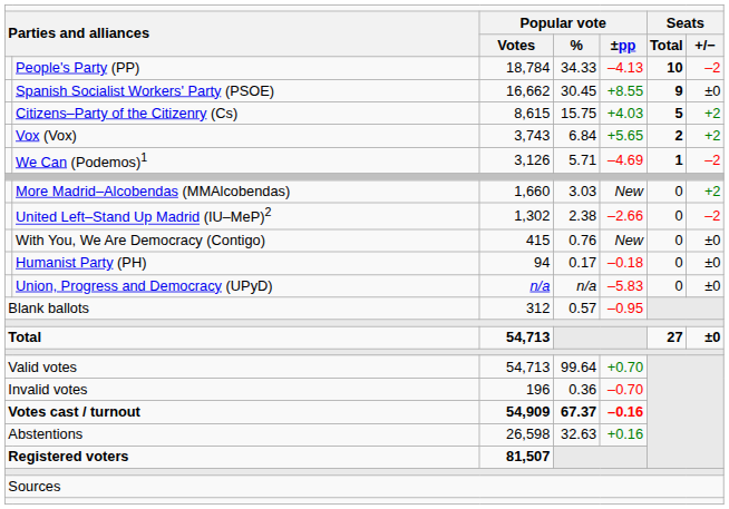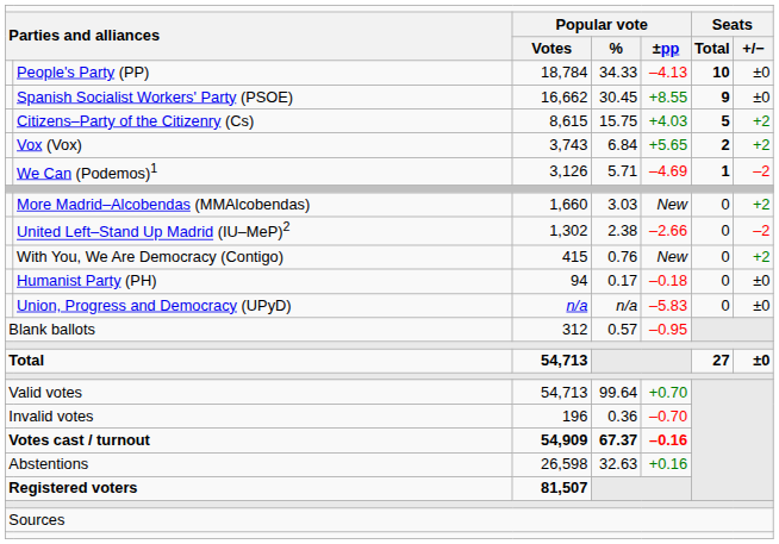 <table class="wikitable" style="text-align:right;">
 <tr>
 <td colspan="7"></td>
 </tr>
 <tr>
 <th style="text-align:left;" rowspan="2" colspan="2" width="525">Parties and alliances</th>
 <th colspan="3">Popular vote</th>
 <th colspan="2">Seats</th>
 </tr>
 <tr>
 <th width="75">Votes</th>
 <th width="45">%</th>
 <th width="45">±<a href='#'>pp</a></th>
 <th width="35">Total</th>
 <th width="35">+/−</th>
 </tr>
 <tr>
 <td width="1" style="color:inherit;background:"></td>
 <td align="left"><a href='#'>People's Party</a> (PP)</td>
 <td>18,784</td>
 <td>34.33</td>
 <td style="color:red;">–4.13</td>
 <td><strong>10</strong></td>
-<td style="color:red;">–2</td>
+<td>±0</td>
 </tr>
 <tr>
 <td style="color:inherit;background:"></td>
 <td align="left"><a href='#'>Spanish Socialist Workers' Party</a> (PSOE)</td>
 <td>16,662</td>
 <td>30.45</td>
 <td style="color:green;">+8.55</td>
 <td><strong>9</strong></td>
 <td>±0</td>
 </tr>
 <tr>
 <td style="color:inherit;background:"></td>
 <td align="left"><a href='#'>Citizens–Party of the Citizenry</a> (Cs)</td>
 <td>8,615</td>
 <td>15.75</td>
 <td style="color:green;">+4.03</td>
 <td><strong>5</strong></td>
 <td style="color:green;">+2</td>
 </tr>
 <tr>
 <td style="color:inherit;background:"></td>
 <td align="left"><a href='#'>Vox</a> (Vox)</td>
 <td>3,743</td>
 <td>6.84</td>
 <td style="color:green;">+5.65</td>
 <td><strong>2</strong></td>
 <td style="color:green;">+2</td>
 </tr>
 <tr>
 <td style="color:inherit;background:"></td>
 <td align="left"><a href='#'>We Can</a> (Podemos)<sup>1</sup></td>
 <td>3,126</td>
 <td>5.71</td>
 <td style="color:red;">–4.69</td>
 <td><strong>1</strong></td>
 <td style="color:red;">–2</td>
 </tr>
 <tr>
 <td colspan="7" bgcolor="#C0C0C0"></td>
 </tr>
 <tr>
 <td style="color:inherit;background:"></td>
 <td align="left"><a href='#'>More Madrid–Alcobendas</a> (MMAlcobendas)</td>
 <td>1,660</td>
 <td>3.03</td>
 <td><em>New</em></td>
 <td>0</td>
 <td style="color:green;">+2</td>
 </tr>
 <tr>
 <td style="color:inherit;background:"></td>
 <td align="left"><a href='#'>United Left–Stand Up Madrid</a> (IU–MeP)<sup>2</sup></td>
 <td>1,302</td>
 <td>2.38</td>
 <td style="color:red;">–2.66</td>
 <td>0</td>
 <td style="color:red;">–2</td>
 </tr>
 <tr>
 <td style="color:inherit;background:"></td>
 <td align="left">With You, We Are Democracy (Contigo)</td>
 <td>415</td>
 <td>0.76</td>
 <td><em>New</em></td>
 <td>0</td>
-<td>±0</td>
+<td style="color:green;">+2</td>
 </tr>
 <tr>
 <td style="color:inherit;background:"></td>
 <td align="left"><a href='#'>Humanist Party</a> (PH)</td>
 <td>94</td>
 <td>0.17</td>
 <td style="color:red;">–0.18</td>
 <td>0</td>
 <td>±0</td>
 </tr>
 <tr>
 <td style="color:inherit;background:"></td>
 <td align="left"><a href='#'>Union, Progress and Democracy</a> (UPyD)</td>
 <td><em><a href='#'>n/a</a></em></td>
 <td><em>n/a</em></td>
 <td style="color:red;">–5.83</td>
 <td>0</td>
 <td>±0</td>
 </tr>
 <tr>
 <td align="left" colspan="2">Blank ballots</td>
 <td>312</td>
 <td>0.57</td>
 <td style="color:red;">–0.95</td>
 <td bgcolor="#E9E9E9" colspan="2"></td>
 </tr>
 <tr>
 <td colspan="7" bgcolor="#E9E9E9"></td>
 </tr>
 <tr style="font-weight:bold;">
 <td align="left" colspan="2">Total</td>
 <td>54,713</td>
 <td bgcolor="#E9E9E9" colspan="2"></td>
 <td>27</td>
 <td>±0</td>
 </tr>
 <tr>
 <td colspan="7" bgcolor="#E9E9E9"></td>
 </tr>
 <tr>
 <td align="left" colspan="2">Valid votes</td>
 <td>54,713</td>
 <td>99.64</td>
 <td style="color:green;">+0.70</td>
 <td bgcolor="#E9E9E9" colspan="2" rowspan="5"></td>
 </tr>
 <tr>
 <td align="left" colspan="2">Invalid votes</td>
 <td>196</td>
 <td>0.36</td>
 <td style="color:red;">–0.70</td>
 </tr>
 <tr style="font-weight:bold;">
 <td align="left" colspan="2">Votes cast / turnout</td>
 <td>54,909</td>
 <td>67.37</td>
 <td style="color:red;">–0.16</td>
 </tr>
 <tr>
 <td align="left" colspan="2">Abstentions</td>
 <td>26,598</td>
 <td>32.63</td>
 <td style="color:green;">+0.16</td>
 </tr>
 <tr style="font-weight:bold;">
 <td align="left" colspan="2">Registered voters</td>
 <td>81,507</td>
 <td bgcolor="#E9E9E9" colspan="2"></td>
 </tr>
 <tr>
 <td colspan="7" bgcolor="#E9E9E9"></td>
 </tr>
 <tr>
 <td align="left" colspan="7">Sources</td>
 </tr>
 <tr>
 <td colspan="7" style="text-align:left; max-width:790px;"></td>
 </tr>
 </table>
